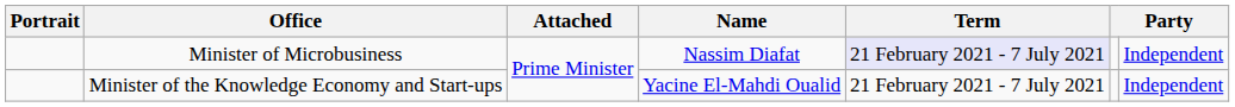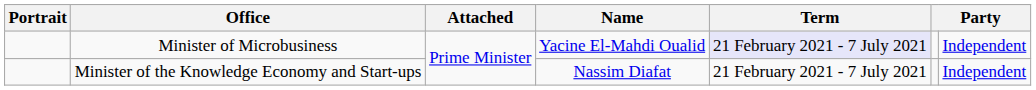 <table class="wikitable" style="text-align:center">
 <tr>
 <th>Portrait</th>
 <th>Office</th>
 <th>Attached</th>
 <th>Name</th>
 <th>Term</th>
 <th colspan="2">Party</th>
 </tr>
 <tr>
 <td></td>
 <td>Minister of Microbusiness</td>
 <td rowspan="2"><a href='#'>Prime Minister</a></td>
-<td><a href='#'>Nassim Diafat</a></td>
+<td><a href='#'>Yacine El-Mahdi Oualid</a></td>
 <td style="background: lavender;">21 February 2021 - 7 July 2021</td>
 <td></td>
 <td><a href='#'>Independent</a></td>
 </tr>
 <tr>
 <td></td>
 <td>Minister of the Knowledge Economy and Start-ups</td>
-<td><a href='#'>Yacine El-Mahdi Oualid</a></td>
+<td><a href='#'>Nassim Diafat</a></td>
 <td>21 February 2021 - 7 July 2021</td>
 <td></td>
 <td><a href='#'>Independent</a></td>
 </tr>
 </table>
